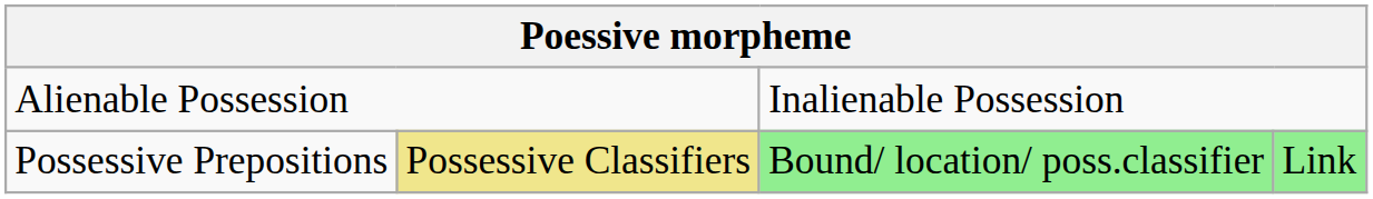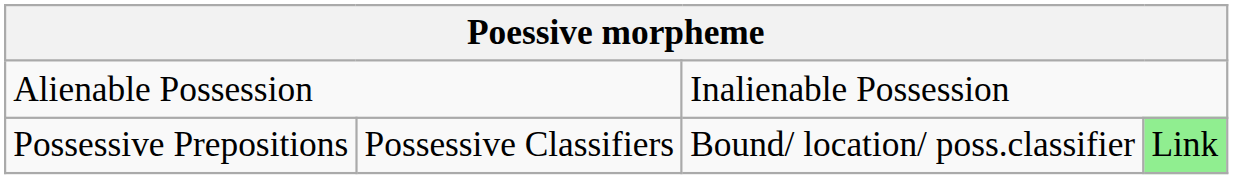 <table class="wikitable">
 <tr>
 <th colspan="4">Poessive morpheme</th>
 </tr>
 <tr>
 <td colspan="2">Alienable Possession</td>
 <td colspan="2">Inalienable Possession</td>
 </tr>
 <tr>
 <td>Possessive Prepositions</td>
-<td style="background: khaki;">Possessive Classifiers</td>
-<td style="background: lightgreen;">Bound/ location/ poss.classifier</td>
+<td>Possessive Classifiers</td>
+<td>Bound/ location/ poss.classifier</td>
 <td style="background: lightgreen;">Link</td>
 </tr>
 </table>
